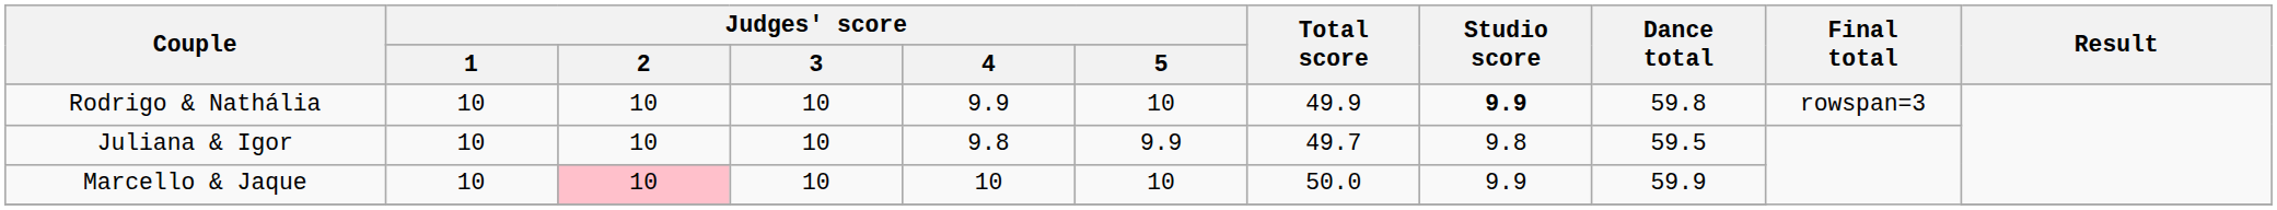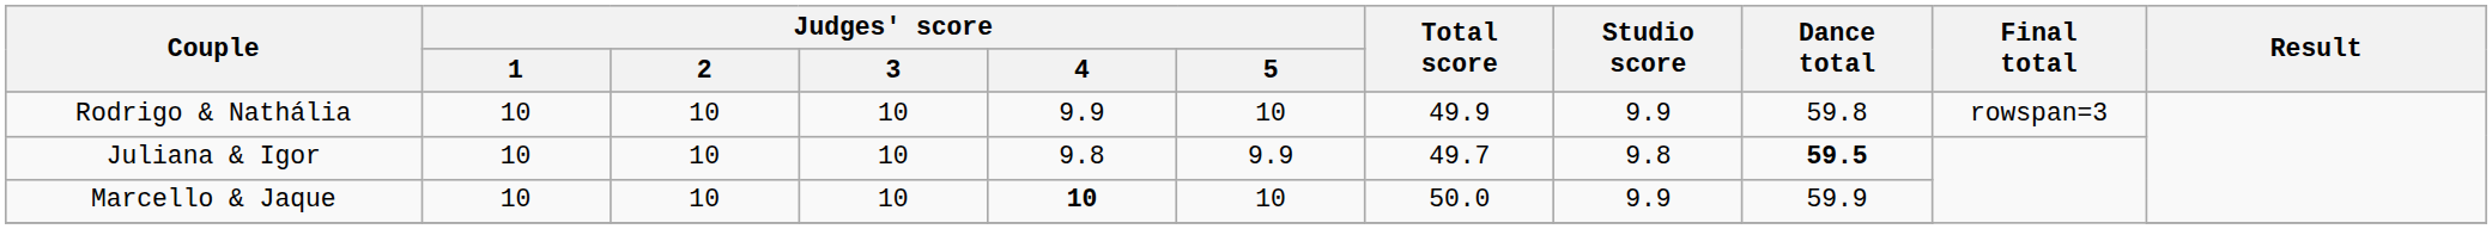 <table class="wikitable" style="font-size:100%; line-height:16px; text-align:center" width="100%">
 <tr>
 <th rowspan=2 width="11.0%">Couple</th>
 <th colspan=5 width="25.0%">Judges' score</th>
 <th rowspan=2 width="05.0%">Total<br>score</th>
 <th rowspan=2 width="05.0%">Studio<br>score</th>
 <th rowspan=2 width="05.0%">Dance<br>total</th>
 <th rowspan=2 width="05.0%">Final<br>total</th>
 <th rowspan=2 width="09.0%">Result</th>
 </tr>
 <tr>
 <th width="05.0%">1</th>
 <th width="05.0%">2</th>
 <th width="05.0%">3</th>
 <th width="05.0%">4</th>
 <th width="05.0%">5</th>
 </tr>
 <tr>
 <td>Rodrigo & Nathália</td>
 <td>10</td>
 <td>10</td>
 <td>10</td>
 <td>9.9</td>
 <td>10</td>
 <td>49.9</td>
-<td><strong>9.9</strong></td>
+<td>9.9</td>
 <td>59.8</td>
 <td>rowspan=3 </td>
 <td rowspan=3></td>
 </tr>
 <tr>
 <td>Juliana & Igor</td>
 <td>10</td>
 <td>10</td>
 <td>10</td>
 <td>9.8</td>
 <td>9.9</td>
 <td>49.7</td>
 <td>9.8</td>
-<td>59.5</td>
+<td><strong>59.5</strong></td>
 </tr>
 <tr>
 <td>Marcello & Jaque</td>
 <td>10</td>
-<td style="background: pink;">10</td>
 <td>10</td>
 <td>10</td>
+<td><strong>10</strong></td>
 <td>10</td>
 <td>50.0</td>
 <td>9.9</td>
 <td>59.9</td>
 </tr>
 <tr>
 </tr>
 </table>
